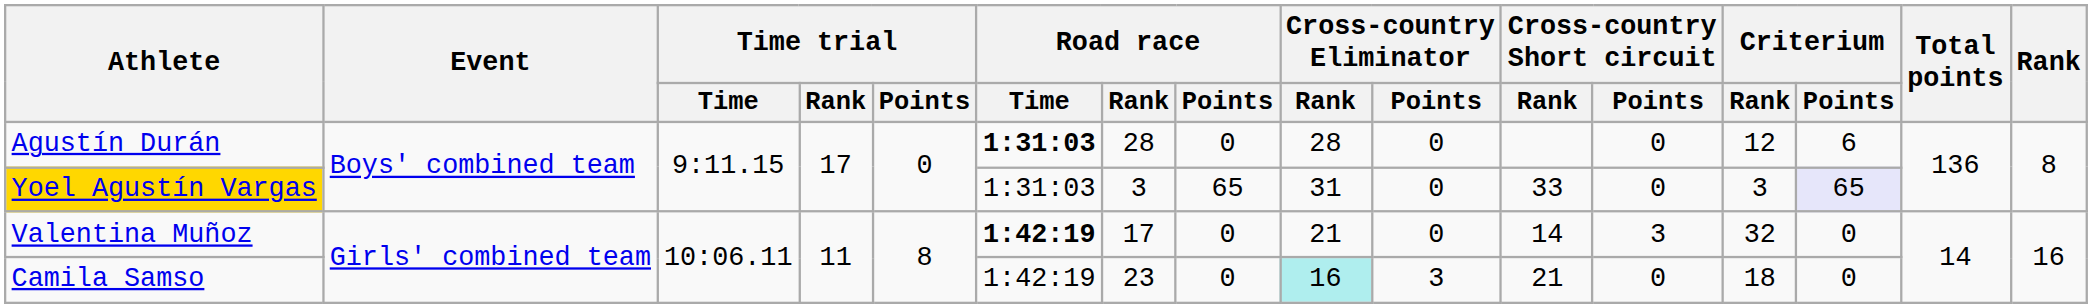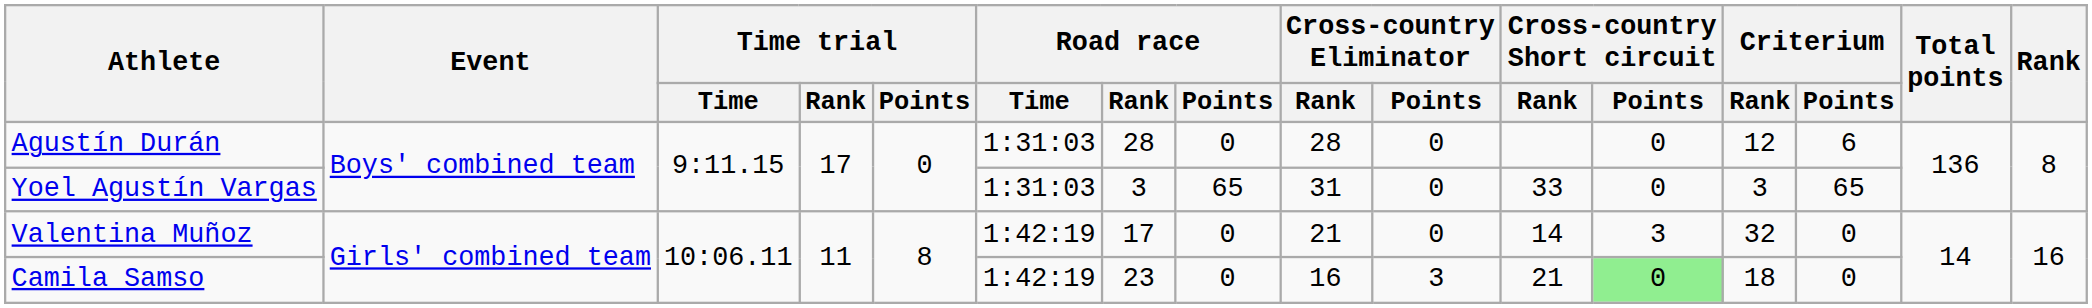 <table class="wikitable" style="font-size:90%;">
 <tr>
 <th rowspan=2>Athlete</th>
 <th rowspan=2>Event</th>
 <th colspan=3>Time trial</th>
 <th colspan=3>Road race</th>
 <th colspan=2>Cross-country<br>Eliminator</th>
 <th colspan=2>Cross-country<br>Short circuit</th>
 <th colspan=2>Criterium</th>
 <th rowspan=2>Total<br>points</th>
 <th rowspan=2>Rank</th>
 </tr>
 <tr style="font-size:95%">
 <th>Time</th>
 <th>Rank</th>
 <th>Points</th>
 <th>Time</th>
 <th>Rank</th>
 <th>Points</th>
 <th>Rank</th>
 <th>Points</th>
 <th>Rank</th>
 <th>Points</th>
 <th>Rank</th>
 <th>Points</th>
 </tr>
 <tr align=center>
 <td align=left><a href='#'>Agustín Durán</a></td>
 <td rowspan=2 align=left><a href='#'>Boys' combined team</a></td>
 <td rowspan=2>9:11.15</td>
 <td rowspan=2>17</td>
 <td rowspan=2>0</td>
-<td><strong>1:31:03</strong></td>
+<td>1:31:03</td>
 <td>28</td>
 <td>0</td>
 <td>28</td>
 <td>0</td>
 <td></td>
 <td>0</td>
 <td>12</td>
 <td>6</td>
 <td rowspan=2>136</td>
 <td rowspan=2>8</td>
 </tr>
 <tr align=center>
-<td align=left style="background: gold;"><a href='#'>Yoel Agustín Vargas</a></td>
+<td align=left><a href='#'>Yoel Agustín Vargas</a></td>
 <td>1:31:03</td>
 <td>3</td>
 <td>65</td>
 <td>31</td>
 <td>0</td>
 <td>33</td>
 <td>0</td>
 <td>3</td>
-<td style="background: lavender;">65</td>
+<td>65</td>
 </tr>
 <tr align=center>
 <td align=left><a href='#'>Valentina Muñoz</a></td>
 <td rowspan=2 align=left><a href='#'>Girls' combined team</a></td>
 <td rowspan=2>10:06.11</td>
 <td rowspan=2>11</td>
 <td rowspan=2>8</td>
-<td><strong>1:42:19</strong></td>
+<td>1:42:19</td>
 <td>17</td>
 <td>0</td>
 <td>21</td>
 <td>0</td>
 <td>14</td>
 <td>3</td>
 <td>32</td>
 <td>0</td>
 <td rowspan=2>14</td>
 <td rowspan=2>16</td>
 </tr>
 <tr align=center>
 <td align=left><a href='#'>Camila Samso</a></td>
 <td>1:42:19</td>
 <td>23</td>
 <td>0</td>
-<td style="background: paleturquoise;">16</td>
+<td>16</td>
 <td>3</td>
 <td>21</td>
-<td>0</td>
+<td style="background: lightgreen;">0</td>
 <td>18</td>
 <td>0</td>
 </tr>
 </table>
